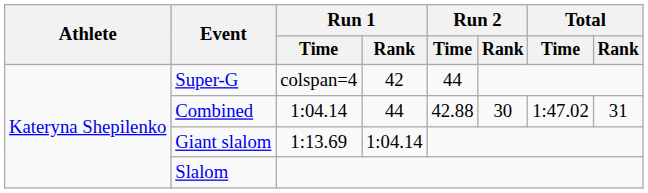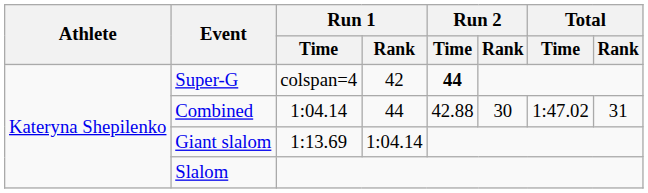 <table class="wikitable" style="font-size:90%">
 <tr>
 <th rowspan=2>Athlete</th>
 <th rowspan=2>Event</th>
 <th colspan=2>Run 1</th>
 <th colspan=2>Run 2</th>
 <th colspan=2>Total</th>
 </tr>
 <tr style="font-size:95%">
 <th>Time</th>
 <th>Rank</th>
 <th>Time</th>
 <th>Rank</th>
 <th>Time</th>
 <th>Rank</th>
 </tr>
 <tr align=center>
 <td align="left" rowspan="4"><a href='#'>Kateryna Shepilenko</a></td>
 <td align="left"><a href='#'>Super-G</a></td>
 <td>colspan=4</td>
 <td>42</td>
-<td>44</td>
+<td><strong>44</strong></td>
 </tr>
 <tr align=center>
 <td align="left"><a href='#'>Combined</a></td>
 <td>1:04.14</td>
 <td>44</td>
 <td>42.88</td>
 <td>30</td>
 <td>1:47.02</td>
 <td>31</td>
 </tr>
 <tr align=center>
 <td align="left"><a href='#'>Giant slalom</a></td>
 <td>1:13.69</td>
 <td>1:04.14</td>
 <td colspan=4></td>
 </tr>
 <tr align=center>
 <td align="left"><a href='#'>Slalom</a></td>
 <td colspan=6></td>
 </tr>
 </table>
